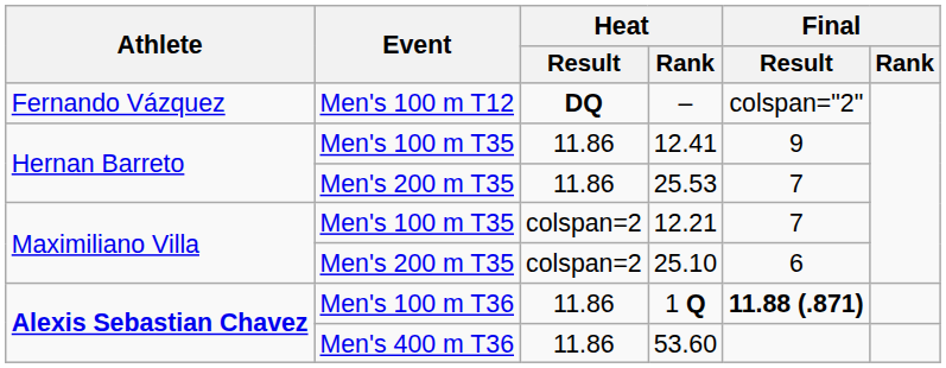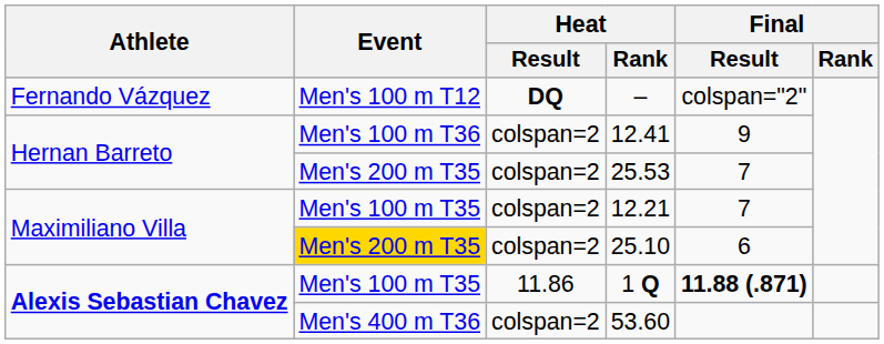 <table class="wikitable" style="font-size:90%">
 <tr>
 <th rowspan="2">Athlete</th>
 <th rowspan="2">Event</th>
 <th colspan="2">Heat</th>
 <th colspan="2">Final</th>
 </tr>
 <tr style="font-size:95%">
 <th>Result</th>
 <th>Rank</th>
 <th>Result</th>
 <th>Rank</th>
 </tr>
 <tr align=center>
 <td align=left><a href='#'>Fernando Vázquez</a></td>
 <td align=left><a href='#'>Men's 100 m T12</a></td>
 <td><strong>DQ</strong></td>
 <td>–</td>
 <td>colspan="2"</td>
 </tr>
 <tr align=center>
 <td align=left rowspan=2><a href='#'>Hernan Barreto</a></td>
-<td align=left><a href='#'>Men's 100 m T35</a></td>
-<td>11.86</td>
+<td align=left><a href='#'>Men's 100 m T36</a></td>
+<td>colspan=2 </td>
 <td>12.41</td>
 <td>9</td>
 </tr>
 <tr align=center>
 <td align=left><a href='#'>Men's 200 m T35</a></td>
-<td>11.86</td>
+<td>colspan=2 </td>
 <td>25.53</td>
 <td>7</td>
 </tr>
 <tr align=center>
 <td align=left rowspan=2><a href='#'>Maximiliano Villa</a></td>
 <td align=left><a href='#'>Men's 100 m T35</a></td>
 <td>colspan=2 </td>
 <td>12.21</td>
 <td>7</td>
 </tr>
 <tr align=center>
-<td align=left><a href='#'>Men's 200 m T35</a></td>
+<td align=left style="background: gold;"><a href='#'>Men's 200 m T35</a></td>
 <td>colspan=2 </td>
 <td>25.10</td>
 <td>6</td>
 </tr>
 <tr align=center>
 <td align=left rowspan=2><strong><a href='#'>Alexis Sebastian Chavez</a></strong></td>
-<td align=left><a href='#'>Men's 100 m T36</a></td>
+<td align=left><a href='#'>Men's 100 m T35</a></td>
 <td>11.86</td>
 <td>1 <strong>Q</strong></td>
 <td><strong>11.88	(.871)</strong></td>
 <td></td>
 </tr>
 <tr align=center>
 <td align=left><a href='#'>Men's 400 m T36</a></td>
-<td>11.86</td>
+<td>colspan=2 </td>
 <td>53.60</td>
 <td></td>
 </tr>
 </table>
